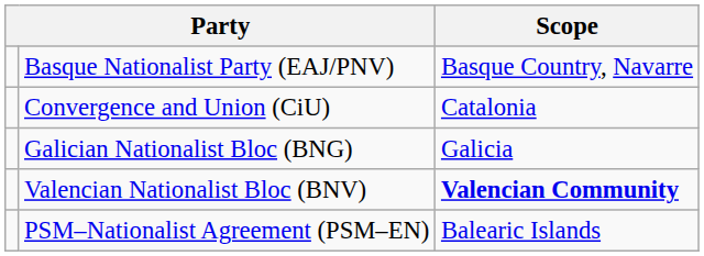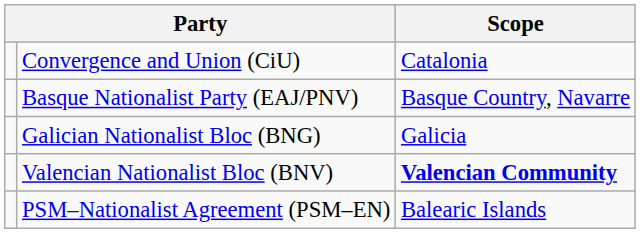 <table class="wikitable" style="text-align:left; font-size:95%;">
 <tr>
 <th colspan="2">Party</th>
 <th>Scope</th>
 </tr>
 <tr>
+<td width="1"></td>
+<td><a href='#'>Convergence and Union</a> (CiU)</td>
+<td><a href='#'>Catalonia</a></td>
+</tr>
+<tr>
 <td></td>
 <td><a href='#'>Basque Nationalist Party</a> (EAJ/PNV)</td>
 <td><a href='#'>Basque Country</a>, <a href='#'>Navarre</a></td>
-</tr>
-<tr>
-<td width="1"></td>
-<td><a href='#'>Convergence and Union</a> (CiU)</td>
-<td><a href='#'>Catalonia</a></td>
 </tr>
 <tr>
 <td></td>
 <td><a href='#'>Galician Nationalist Bloc</a> (BNG)</td>
 <td><a href='#'>Galicia</a></td>
 </tr>
 <tr>
 <td></td>
 <td><a href='#'>Valencian Nationalist Bloc</a> (BNV)</td>
 <td><strong><a href='#'>Valencian Community</a></strong></td>
 </tr>
 <tr>
 <td></td>
 <td><a href='#'>PSM–Nationalist Agreement</a> (PSM–EN)</td>
 <td><a href='#'>Balearic Islands</a></td>
 </tr>
 </table>
